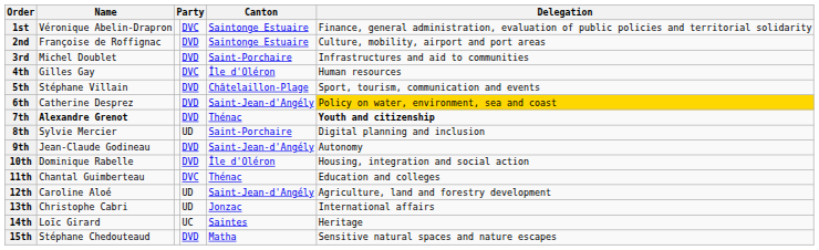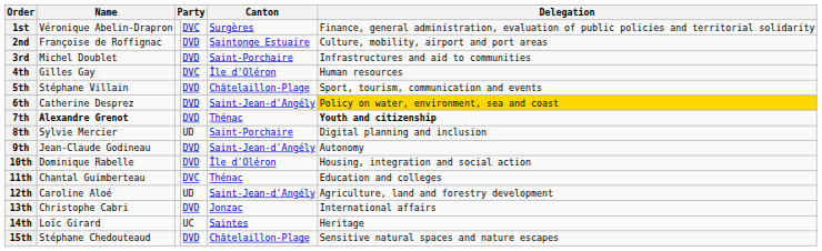 <table class="wikitable sortable">
 <tr>
 <th>Order</th>
 <th>Name</th>
 <th colspan="2">Party</th>
 <th>Canton</th>
 <th>Delegation</th>
 </tr>
 <tr>
 <th>1st</th>
 <td>Véronique Abelin-Drapron</td>
 <td style="color:inherit;background:"></td>
 <td><a href='#'>DVC</a></td>
-<td><a href='#'>Saintonge Estuaire</a></td>
+<td><a href='#'>Surgères</a></td>
 <td>Finance, general administration, evaluation of public policies and territorial solidarity</td>
 </tr>
 <tr>
 <th>2nd</th>
 <td>Françoise de Roffignac</td>
 <td style="color:inherit;background:"></td>
 <td><a href='#'>DVD</a></td>
 <td><a href='#'>Saintonge Estuaire</a></td>
 <td>Culture, mobility, airport and port areas</td>
 </tr>
 <tr>
 <th>3rd</th>
 <td>Michel Doublet</td>
 <td style="color:inherit;background:"></td>
 <td><a href='#'>DVD</a></td>
 <td><a href='#'>Saint-Porchaire</a></td>
 <td>Infrastructures and aid to communities</td>
 </tr>
 <tr>
 <th>4th</th>
 <td>Gilles Gay</td>
 <td style="color:inherit;background:"></td>
 <td><a href='#'>DVC</a></td>
 <td><a href='#'>Île d'Oléron</a></td>
 <td>Human resources</td>
 </tr>
 <tr>
 <th>5th</th>
 <td>Stéphane Villain</td>
 <td style="color:inherit;background:"></td>
 <td><a href='#'>DVD</a></td>
 <td><a href='#'>Châtelaillon-Plage</a></td>
 <td>Sport, tourism, communication and events</td>
 </tr>
 <tr>
 <th>6th</th>
 <td>Catherine Desprez</td>
 <td style="color:inherit;background:"></td>
 <td><a href='#'>DVD</a></td>
 <td><a href='#'>Saint-Jean-d'Angély</a></td>
 <td style="background: gold;">Policy on water, environment, sea and coast</td>
 </tr>
 <tr>
 <th>7th</th>
 <td><strong>Alexandre Grenot</strong></td>
 <td style="color:inherit;background:"></td>
 <td><a href='#'>DVD</a></td>
 <td><a href='#'>Thénac</a></td>
 <td><strong>Youth and citizenship</strong></td>
 </tr>
 <tr>
 <th>8th</th>
 <td>Sylvie Mercier</td>
 <td style="color:inherit;background:"></td>
 <td>UD</td>
 <td><a href='#'>Saint-Porchaire</a></td>
 <td>Digital planning and inclusion</td>
 </tr>
 <tr>
 <th>9th</th>
 <td>Jean-Claude Godineau</td>
 <td style="color:inherit;background:"></td>
 <td><a href='#'>DVD</a></td>
 <td><a href='#'>Saint-Jean-d'Angély</a></td>
 <td>Autonomy</td>
 </tr>
 <tr>
 <th>10th</th>
 <td>Dominique Rabelle</td>
 <td style="color:inherit;background:"></td>
 <td><a href='#'>DVD</a></td>
 <td><a href='#'>Île d'Oléron</a></td>
 <td>Housing, integration and social action</td>
 </tr>
 <tr>
 <th>11th</th>
 <td>Chantal Guimberteau</td>
 <td style="color:inherit;background:"></td>
 <td><a href='#'>DVC</a></td>
 <td><a href='#'>Thénac</a></td>
 <td>Education and colleges</td>
 </tr>
 <tr>
 <th>12th</th>
 <td>Caroline Aloé</td>
 <td style="color:inherit;background:"></td>
 <td>UD</td>
 <td><a href='#'>Saint-Jean-d'Angély</a></td>
 <td>Agriculture, land and forestry development</td>
 </tr>
 <tr>
 <th>13th</th>
 <td>Christophe Cabri</td>
 <td style="color:inherit;background:"></td>
-<td>UD</td>
+<td><a href='#'>DVD</a></td>
 <td><a href='#'>Jonzac</a></td>
 <td>International affairs</td>
 </tr>
 <tr>
 <th>14th</th>
 <td>Loïc Girard</td>
 <td style="color:inherit;background:"></td>
 <td>UC</td>
 <td><a href='#'>Saintes</a></td>
 <td>Heritage</td>
 </tr>
 <tr>
 <th>15th</th>
 <td>Stéphane Chedouteaud</td>
 <td style="color:inherit;background:"></td>
 <td><a href='#'>DVD</a></td>
-<td><a href='#'>Matha</a></td>
+<td><a href='#'>Châtelaillon-Plage</a></td>
 <td>Sensitive natural spaces and nature escapes</td>
 </tr>
 </table>
